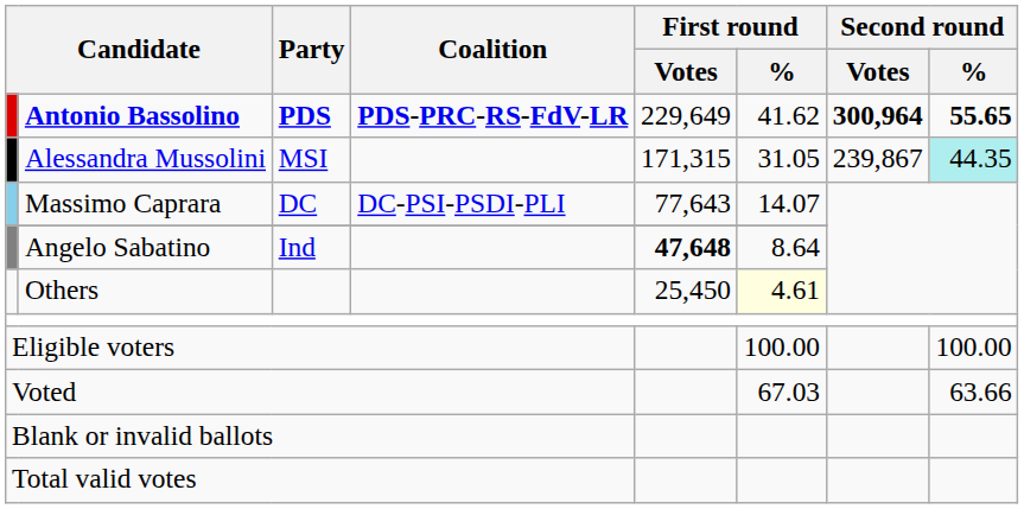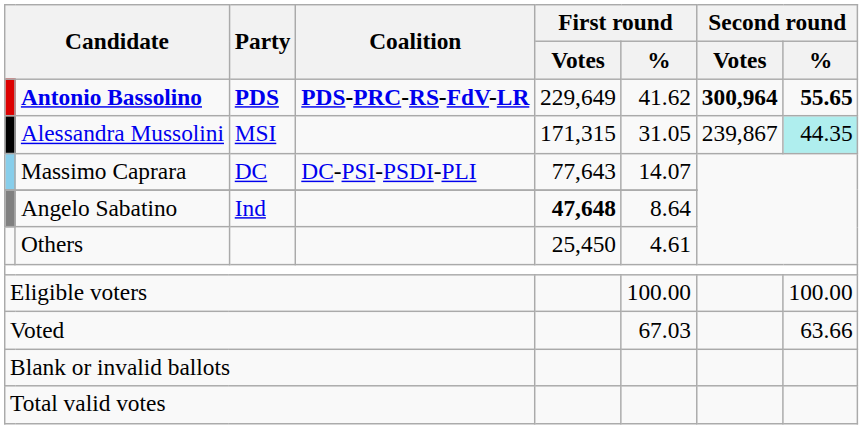 <table class="wikitable centre">
 <tr>
 <th scope="col" rowspan=2 colspan=2>Candidate</th>
 <th scope="col" rowspan=2 colspan=1>Party</th>
 <th scope="col" rowspan=2 colspan=1>Coalition</th>
 <th scope="col" colspan=2>First round</th>
 <th scope="col" colspan=2>Second round</th>
 </tr>
 <tr>
 <th scope="col">Votes</th>
 <th scope="col">%</th>
 <th scope="col">Votes</th>
 <th scope="col">%</th>
 </tr>
 <tr>
 <td bgcolor="#dd0000"></td>
 <td><strong><a href='#'>Antonio Bassolino</a></strong></td>
 <td><strong><a href='#'>PDS</a></strong></td>
 <td><strong><a href='#'>PDS</a>-<a href='#'>PRC</a>-<a href='#'>RS</a>-<a href='#'>FdV</a>-<a href='#'>LR</a></strong></td>
 <td style="text-align: right">229,649</td>
 <td style="text-align: right">41.62</td>
 <td style="text-align: right"><strong>300,964</strong></td>
 <td style="text-align: right"><strong>55.65</strong></td>
 </tr>
 <tr>
 <td bgcolor="black"></td>
 <td><a href='#'>Alessandra Mussolini</a></td>
 <td><a href='#'>MSI</a></td>
 <td></td>
 <td style="text-align: right">171,315</td>
 <td style="text-align: right">31.05</td>
 <td style="text-align: right">239,867</td>
 <td style="background: paleturquoise; text-align: right">44.35</td>
 </tr>
 <tr>
 <td bgcolor="skyblue"></td>
 <td>Massimo Caprara</td>
 <td><a href='#'>DC</a></td>
 <td><a href='#'>DC</a>-<a href='#'>PSI</a>-<a href='#'>PSDI</a>-<a href='#'>PLI</a></td>
 <td style="text-align: right">77,643</td>
 <td style="text-align: right">14.07</td>
 </tr>
 <tr>
 </tr>
 <tr>
 <td bgcolor="grey"></td>
 <td>Angelo Sabatino</td>
 <td><a href='#'>Ind</a></td>
 <td></td>
 <td style="text-align: right"><strong>47,648</strong></td>
 <td style="text-align: right">8.64</td>
 </tr>
 <tr>
 <td bgcolor=""></td>
 <td>Others</td>
 <td></td>
 <td></td>
 <td style="text-align: right">25,450</td>
-<td style="background: lightyellow; text-align: right">4.61</td>
+<td style="text-align: right">4.61</td>
 </tr>
 <tr bgcolor=white>
 <td colspan=8></td>
 </tr>
 <tr>
 <td colspan=4>Eligible voters</td>
 <td style="text-align: right"></td>
 <td style="text-align: right">100.00</td>
 <td style="text-align: right"></td>
 <td style="text-align: right">100.00</td>
 </tr>
 <tr>
 <td colspan=4>Voted</td>
 <td style="text-align: right"></td>
 <td style="text-align: right">67.03</td>
 <td style="text-align: right"></td>
 <td style="text-align: right">63.66</td>
 </tr>
 <tr>
 <td colspan=4>Blank or invalid ballots</td>
 <td style="text-align: right"></td>
 <td style="text-align: right"></td>
 <td style="text-align: right"></td>
 <td style="text-align: right"></td>
 </tr>
 <tr>
 <td colspan=4>Total valid votes</td>
 <td style="text-align: right"></td>
 <td style="text-align: right"></td>
 <td style="text-align: right"></td>
 <td style="text-align: right"></td>
 </tr>
 </table>
